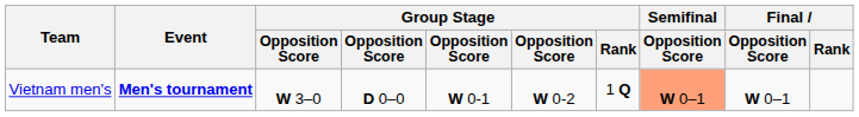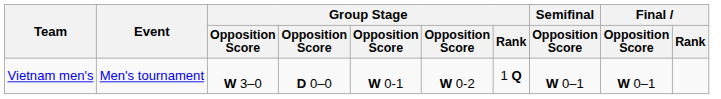 <table class="wikitable" style="font-size:90%">
 <tr>
 <th rowspan=2>Team</th>
 <th rowspan=2>Event</th>
 <th colspan=5>Group Stage</th>
 <th>Semifinal</th>
 <th colspan=2>Final / </th>
 </tr>
 <tr style="font-size:95%">
 <th>Opposition<br>Score</th>
 <th>Opposition<br>Score</th>
 <th>Opposition<br>Score</th>
 <th>Opposition<br>Score</th>
 <th>Rank</th>
 <th>Opposition<br>Score</th>
 <th>Opposition<br>Score</th>
 <th>Rank</th>
 </tr>
 <tr align=center>
 <td align=left><a href='#'>Vietnam men's</a></td>
-<td align=left><strong><a href='#'>Men's tournament</a></strong></td>
+<td align=left><a href='#'>Men's tournament</a></td>
 <td><br><strong>W</strong> 3–0</td>
 <td><br><strong>D</strong> 0–0</td>
 <td><br><strong>W</strong> 0-1</td>
 <td><br><strong>W</strong> 0-2</td>
 <td>1 <strong>Q</strong></td>
-<td style="background: lightsalmon;"><br><strong>W</strong> 0–1</td>
+<td><br><strong>W</strong> 0–1</td>
 <td><br><strong>W</strong> 0–1</td>
 <td></td>
 </tr>
 </table>
